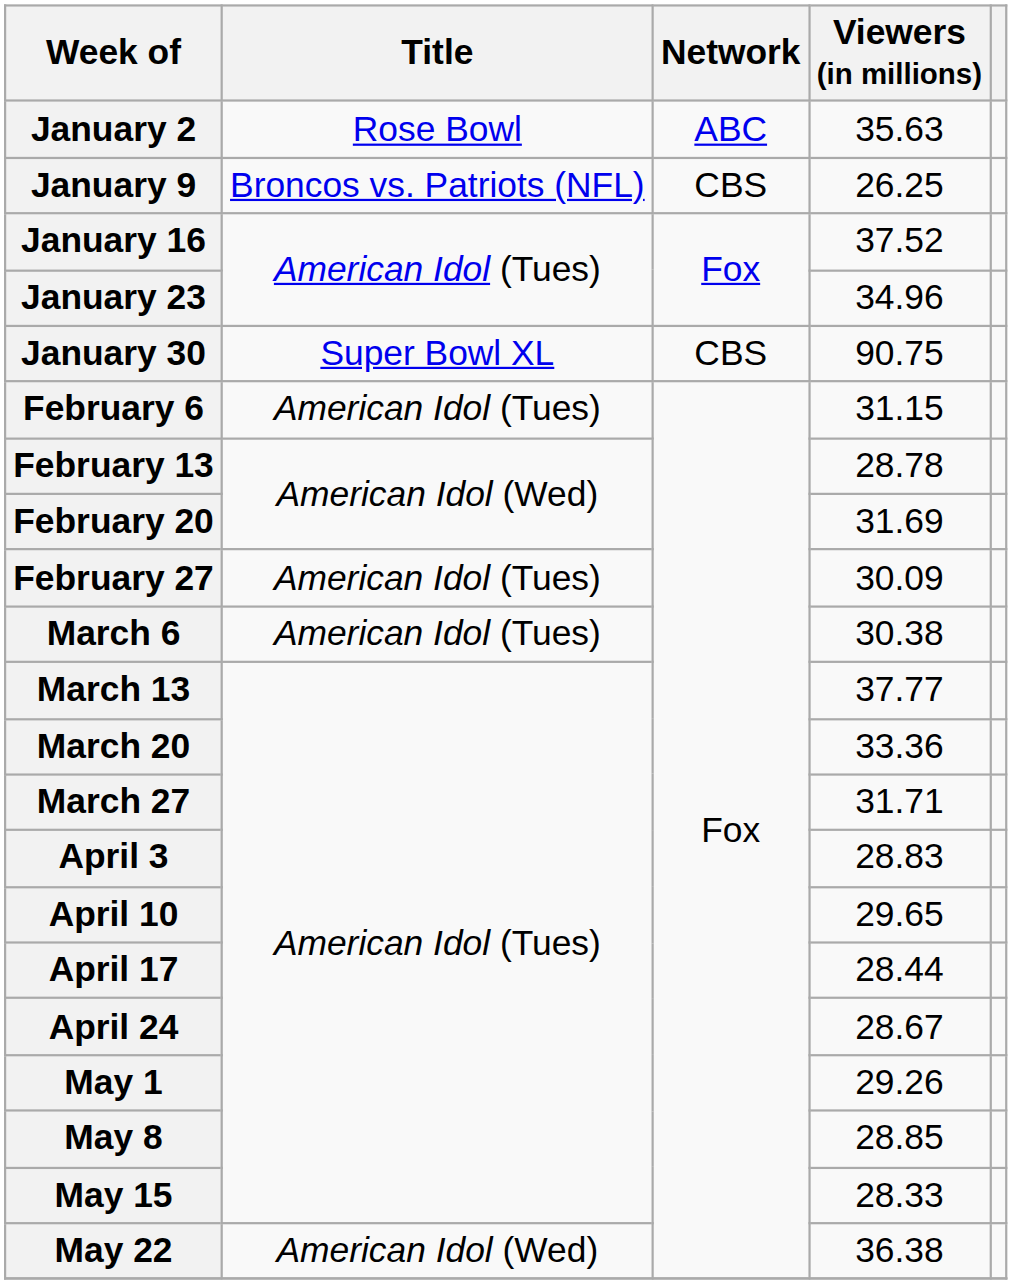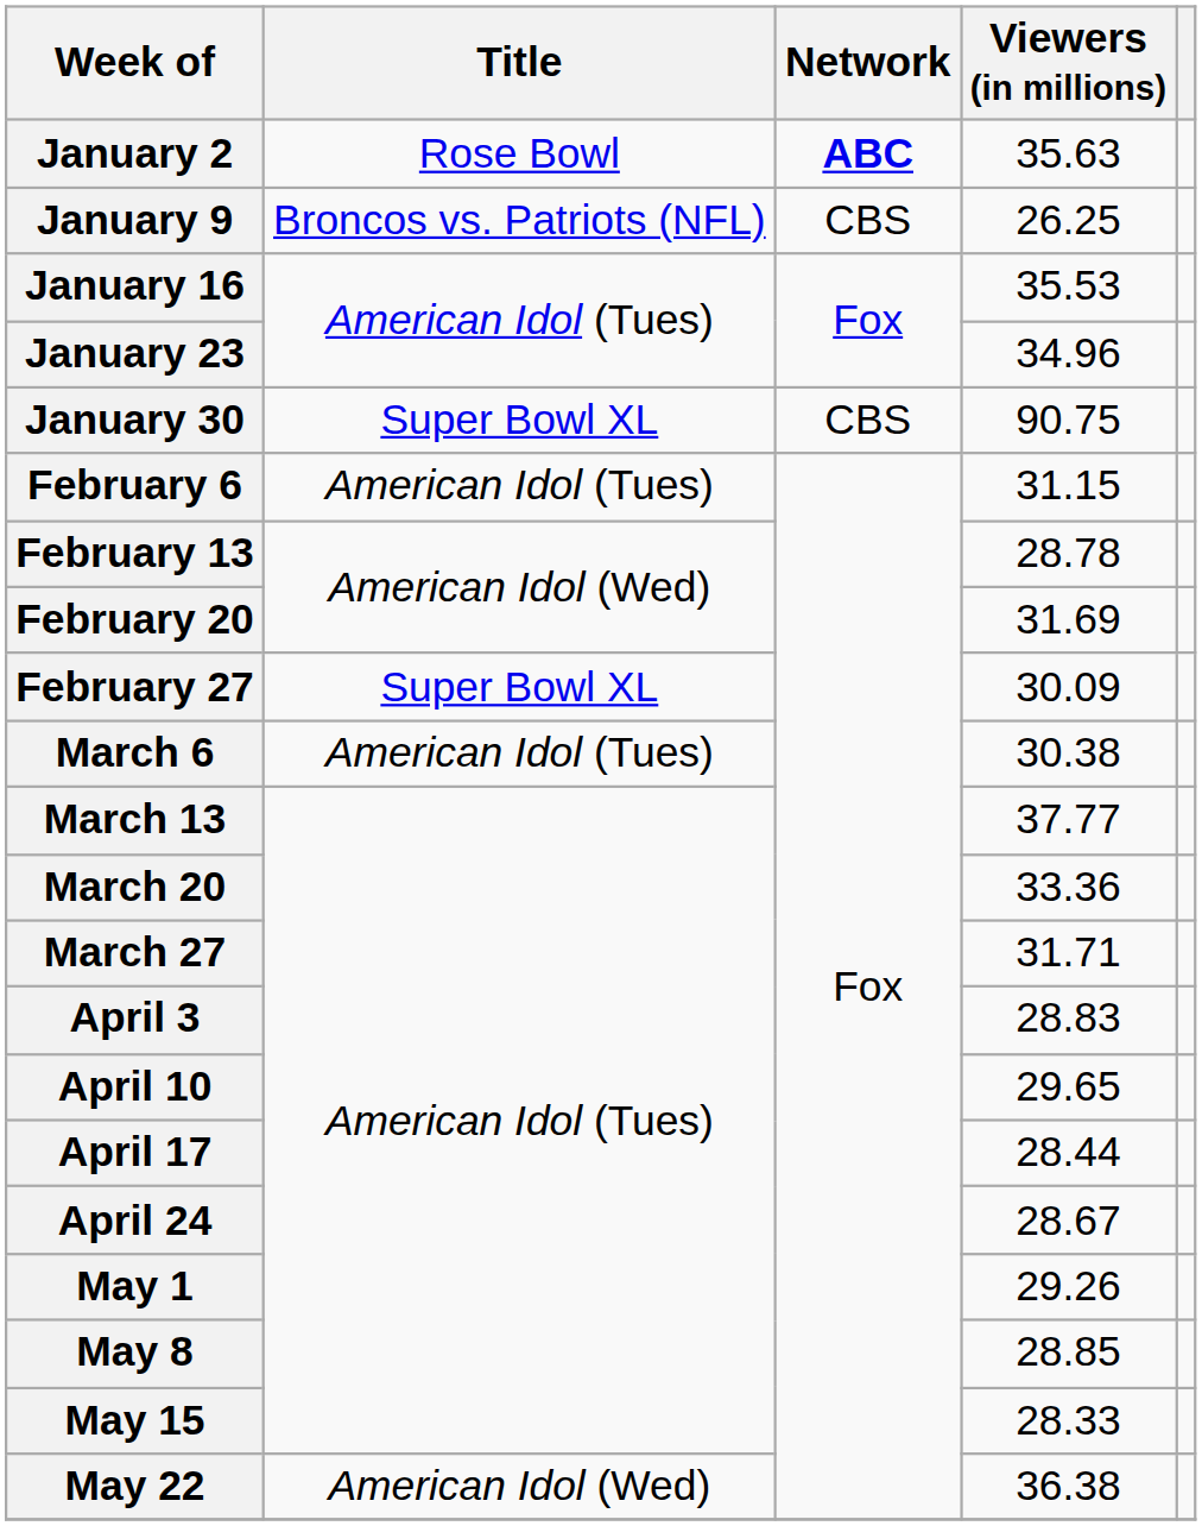 <table class="wikitable plainrowheaders" style="text-align: center; display: inline-table;">
 <tr>
 <th>Week of</th>
 <th>Title</th>
 <th>Network</th>
 <th>Viewers<br><small>(in millions)</small></th>
 <th></th>
 </tr>
 <tr>
 <th scope="row">January 2</th>
 <td><a href='#'>Rose Bowl</a></td>
-<td><a href='#'>ABC</a></td>
+<td><strong><a href='#'>ABC</a></strong></td>
 <td>35.63</td>
 <td></td>
 </tr>
 <tr>
 <th scope="row">January 9</th>
 <td><a href='#'>Broncos vs. Patriots (NFL)</a></td>
 <td>CBS</td>
 <td>26.25</td>
 <td></td>
 </tr>
 <tr>
 <th scope="row">January 16</th>
 <td rowspan="2"><em><a href='#'>American Idol</a></em> (Tues)</td>
 <td rowspan="2"><a href='#'>Fox</a></td>
-<td>37.52</td>
+<td>35.53</td>
 <td></td>
 </tr>
 <tr>
 <th scope="row">January 23</th>
 <td>34.96</td>
 <td></td>
 </tr>
 <tr>
 <th scope="row">January 30</th>
 <td><a href='#'>Super Bowl XL</a></td>
 <td>CBS</td>
 <td>90.75</td>
 <td></td>
 </tr>
 <tr>
 <th scope="row">February 6</th>
 <td><em>American Idol</em> (Tues)</td>
 <td rowspan="16">Fox</td>
 <td>31.15</td>
 <td></td>
 </tr>
 <tr>
 <th scope="row">February 13</th>
 <td rowspan="2"><em>American Idol</em> (Wed)</td>
 <td>28.78</td>
 <td></td>
 </tr>
 <tr>
 <th scope="row">February 20</th>
 <td>31.69</td>
 <td></td>
 </tr>
 <tr>
 <th scope="row">February 27</th>
-<td><em>American Idol</em> (Tues)</td>
+<td><a href='#'>Super Bowl XL</a></td>
 <td>30.09</td>
 <td></td>
 </tr>
 <tr>
 <th scope="row">March 6</th>
 <td><em>American Idol</em> (Tues)</td>
 <td>30.38</td>
 <td></td>
 </tr>
 <tr>
 <th scope="row">March 13</th>
 <td rowspan="10"><em>American Idol</em> (Tues)</td>
 <td>37.77</td>
 <td></td>
 </tr>
 <tr>
 <th scope="row">March 20</th>
 <td>33.36</td>
 <td></td>
 </tr>
 <tr>
 <th scope="row">March 27</th>
 <td>31.71</td>
 <td></td>
 </tr>
 <tr>
 <th scope="row">April 3</th>
 <td>28.83</td>
 <td></td>
 </tr>
 <tr>
 <th scope="row">April 10</th>
 <td>29.65</td>
 <td></td>
 </tr>
 <tr>
 <th scope="row">April 17</th>
 <td>28.44</td>
 <td></td>
 </tr>
 <tr>
 <th scope="row">April 24</th>
 <td>28.67</td>
 <td></td>
 </tr>
 <tr>
 <th scope="row">May 1</th>
 <td>29.26</td>
 <td></td>
 </tr>
 <tr>
 <th scope="row">May 8</th>
 <td>28.85</td>
 <td></td>
 </tr>
 <tr>
 <th scope="row">May 15</th>
 <td>28.33</td>
 <td></td>
 </tr>
 <tr>
 <th scope="row">May 22</th>
 <td><em>American Idol</em> (Wed)</td>
 <td>36.38</td>
 <td></td>
 </tr>
 <tr>
 </tr>
 </table>
